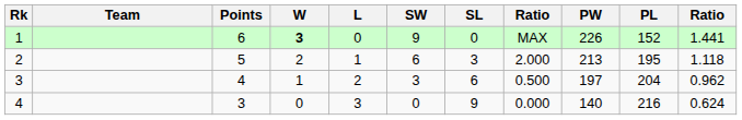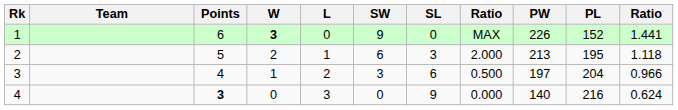 <table class=wikitable style=text-align:center>
 <tr>
 <th width=25>Rk</th>
 <th width=200>Team</th>
 <th width=60>Points</th>
 <th width=60>W</th>
 <th width=60>L</th>
 <th width=60>SW</th>
 <th width=60>SL</th>
 <th width=60>Ratio</th>
 <th width=60>PW</th>
 <th width=60>PL</th>
 <th width=60>Ratio</th>
 </tr>
 <tr style="background: #ccffcc">
 <td>1</td>
 <td align=left></td>
 <td>6</td>
 <td><strong>3</strong></td>
 <td>0</td>
 <td>9</td>
 <td>0</td>
 <td>MAX</td>
 <td>226</td>
 <td>152</td>
 <td>1.441</td>
 </tr>
 <tr>
 <td>2</td>
 <td align=left></td>
 <td>5</td>
 <td>2</td>
 <td>1</td>
 <td>6</td>
 <td>3</td>
 <td>2.000</td>
 <td>213</td>
 <td>195</td>
 <td>1.118</td>
 </tr>
 <tr>
 <td>3</td>
 <td align=left></td>
 <td>4</td>
 <td>1</td>
 <td>2</td>
 <td>3</td>
 <td>6</td>
 <td>0.500</td>
 <td>197</td>
 <td>204</td>
-<td>0.962</td>
+<td>0.966</td>
 </tr>
 <tr>
 <td>4</td>
 <td align=left></td>
-<td>3</td>
+<td><strong>3</strong></td>
 <td>0</td>
 <td>3</td>
 <td>0</td>
 <td>9</td>
 <td>0.000</td>
 <td>140</td>
 <td>216</td>
 <td>0.624</td>
 </tr>
 </table>
